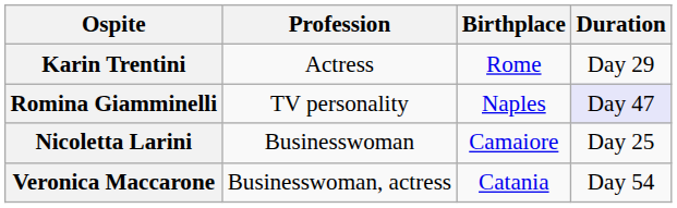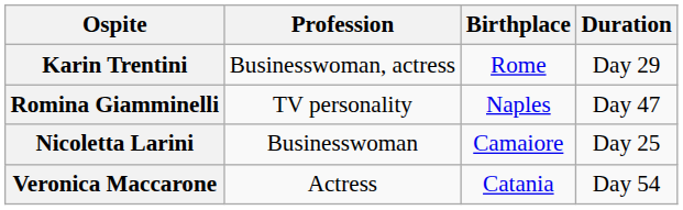 <table class="wikitable sortable" style="text-align:center; line-height:20px;">
 <tr>
 <th>Ospite</th>
 <th>Profession</th>
 <th>Birthplace</th>
 <th>Duration</th>
 </tr>
 <tr>
 <th>Karin Trentini</th>
-<td>Actress</td>
+<td>Businesswoman, actress</td>
 <td><a href='#'>Rome</a></td>
 <td>Day 29</td>
 </tr>
 <tr>
 <th>Romina Giamminelli</th>
 <td>TV personality</td>
 <td><a href='#'>Naples</a></td>
-<td style="background: lavender;">Day 47</td>
+<td>Day 47</td>
 </tr>
 <tr>
 <th>Nicoletta Larini</th>
 <td>Businesswoman</td>
 <td><a href='#'>Camaiore</a></td>
 <td>Day 25</td>
 </tr>
 <tr>
 <th>Veronica Maccarone</th>
-<td>Businesswoman, actress</td>
+<td>Actress</td>
 <td><a href='#'>Catania</a></td>
 <td>Day 54</td>
 </tr>
 </table>
